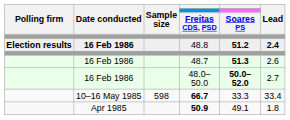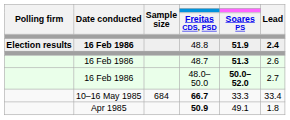 <table class="wikitable unsortable" style="text-align:center;font-size:90%;line-height:14px;">
 <tr>
 <th rowspan="3">Polling firm</th>
 <th rowspan="3">Date conducted</th>
 <th rowspan="3">Sample<br>size</th>
 <th width=60px></th>
 <th width=60px></th>
 <th rowspan=3 width=25px>Lead</th>
 </tr>
 <tr>
 <td bgcolor=#0093DD></td>
 <td bgcolor=#FF66FF></td>
 </tr>
 <tr>
 <th><a href='#'>Freitas</a><br><small><a href='#'>CDS</a>, <a href='#'>PSD</a></small></th>
 <th><a href='#'>Soares</a><br><small><a href='#'>PS</a></small></th>
 </tr>
 <tr>
 <td colspan="9" style="background:#A0A0A0"></td>
 </tr>
 <tr style="background:#EFEFEF;">
 <td><strong>Election results</strong></td>
 <td><strong>16 Feb 1986</strong></td>
 <td></td>
 <td>48.8</td>
-<td><strong>51.2</strong></td>
+<td><strong>51.9</strong></td>
 <td style="background:"><strong>2.4</strong></td>
 </tr>
 <tr>
 <td colspan="9" style="background:#A0A0A0"></td>
 </tr>
 <tr style="background:#EAFFEA">
 <td></td>
 <td>16 Feb 1986</td>
 <td></td>
 <td>48.7</td>
 <td><strong>51.3</strong></td>
 <td style="background:">2.6</td>
 </tr>
 <tr style="background:#EAFFEA">
 <td></td>
 <td>16 Feb 1986</td>
 <td></td>
 <td>48.0–50.0</td>
 <td><strong>50.0–52.0</strong></td>
 <td style="background:">2.7</td>
 </tr>
 <tr>
 <td></td>
 <td>10–16 May 1985</td>
-<td>598</td>
+<td>684</td>
 <td><strong>66.7</strong></td>
 <td>33.3</td>
 <td style="background:">33.4</td>
 </tr>
 <tr>
 <td></td>
 <td>Apr 1985</td>
 <td></td>
 <td><strong>50.9</strong></td>
 <td>49.1</td>
 <td style="background:">1.8</td>
 </tr>
 </table>
